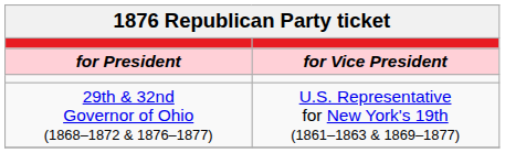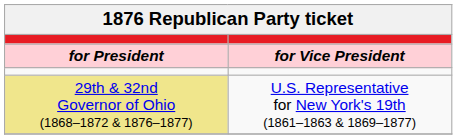 <table class="wikitable" style="font-size:90%; text-align:center;">
 <tr>
 <td style="background:#f1f1f1;" colspan="30"><big><strong>1876 Republican Party ticket</strong></big></td>
 </tr>
 <tr>
 <th style="width:3em; font-size:135%; background:#E81B23; width:200px;"><a href='#'></a></th>
 <th style="width:3em; font-size:135%; background:#E81B23; width:200px;"><a href='#'></a></th>
 </tr>
 <tr style="color:#000; font-size:100%; background:#FFD0D7;">
 <td style="width:3em; width:200px;"><strong><em>for President</em></strong></td>
 <td style="width:3em; width:200px;"><strong><em>for Vice President</em></strong></td>
 </tr>
 <tr>
 <td></td>
 <td></td>
 </tr>
 <tr>
-<td><a href='#'>29th & 32nd</a><br><a href='#'>Governor of Ohio</a><br><small>(1868–1872 & 1876–1877)</small></td>
+<td style="background: khaki;"><a href='#'>29th & 32nd</a><br><a href='#'>Governor of Ohio</a><br><small>(1868–1872 & 1876–1877)</small></td>
 <td><a href='#'>U.S. Representative</a><br>for <a href='#'>New York's 19th</a><br><small>(1861–1863 & 1869–1877)</small></td>
 </tr>
 <tr>
 </tr>
 </table>
